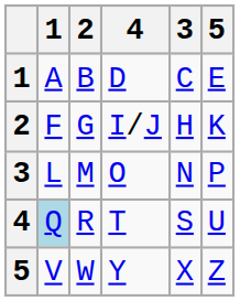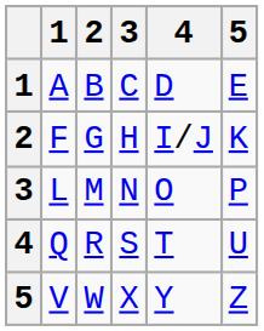 <table class="wikitable">
 <tr>
 <th></th>
 <th>1</th>
 <th>2</th>
+<th>3</th>
 <th>4</th>
-<th>3</th>
 <th>5</th>
 </tr>
 <tr>
 <th>1</th>
 <td><a href='#'>A</a></td>
 <td><a href='#'>B</a></td>
+<td><a href='#'>C</a></td>
 <td><a href='#'>D</a></td>
-<td><a href='#'>C</a></td>
 <td><a href='#'>E</a></td>
 </tr>
 <tr>
 <th>2</th>
 <td><a href='#'>F</a></td>
 <td><a href='#'>G</a></td>
+<td><a href='#'>H</a></td>
 <td><a href='#'>I</a>/<a href='#'>J</a></td>
-<td><a href='#'>H</a></td>
 <td><a href='#'>K</a></td>
 </tr>
 <tr>
 <th>3</th>
 <td><a href='#'>L</a></td>
 <td><a href='#'>M</a></td>
+<td><a href='#'>N</a></td>
 <td><a href='#'>O</a></td>
-<td><a href='#'>N</a></td>
 <td><a href='#'>P</a></td>
 </tr>
 <tr>
 <th>4</th>
-<td style="background: lightblue;"><a href='#'>Q</a></td>
+<td><a href='#'>Q</a></td>
 <td><a href='#'>R</a></td>
+<td><a href='#'>S</a></td>
 <td><a href='#'>T</a></td>
-<td><a href='#'>S</a></td>
 <td><a href='#'>U</a></td>
 </tr>
 <tr>
 <th>5</th>
 <td><a href='#'>V</a></td>
 <td><a href='#'>W</a></td>
+<td><a href='#'>X</a></td>
 <td><a href='#'>Y</a></td>
-<td><a href='#'>X</a></td>
 <td><a href='#'>Z</a></td>
 </tr>
 </table>
